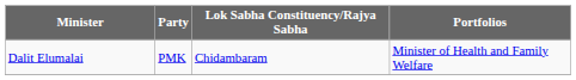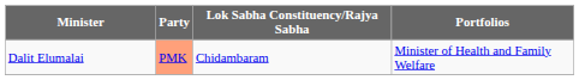 <table class="wikitable" width="80%" style="font-size: x-big;">
 <tr>
 <th style="background-color:#666666; color:white; width:180px">Minister</th>
 <th style="background-color:#666666; color:white">Party</th>
 <th style="background-color:#666666; color:white">Lok Sabha Constituency/Rajya Sabha</th>
 <th style="background-color:#666666; color:white">Portfolios</th>
 </tr>
 <tr -->
 <td><a href='#'>Dalit Elumalai</a></td>
-<td><a href='#'>PMK</a></td>
+<td style="background: lightsalmon;"><a href='#'>PMK</a></td>
 <td><a href='#'>Chidambaram</a></td>
 <td><a href='#'>Minister of Health and Family Welfare</a></td>
 </tr>
 <tr -->
 </tr>
 </table>
